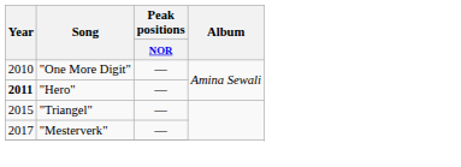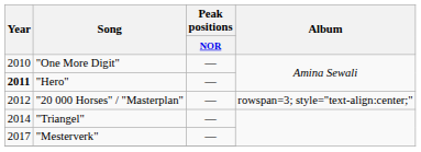 <table class="wikitable">
 <tr>
 <th rowspan="2">Year</th>
 <th rowspan="2">Song</th>
 <th colspan="1">Peak positions</th>
 <th rowspan="2">Album</th>
 </tr>
 <tr>
 <th width="35"><small><a href='#'>NOR</a></small><br></th>
 </tr>
 <tr>
 <td rowspan="1">2010</td>
 <td align="left">"One More Digit"</td>
 <td style="text-align:center;">—</td>
 <td rowspan=2; style="text-align:center;"><em>Amina Sewali</em></td>
 </tr>
 <tr>
 <td rowspan="1"><strong>2011</strong></td>
 <td align="left">"Hero"</td>
 <td style="text-align:center;">—</td>
 </tr>
 <tr>
-<td rowspan="1">2015</td>
+<td rowspan="1">2012</td>
+<td align="left">"20 000 Horses" / "Masterplan"</td>
+<td style="text-align:center;">—</td>
+<td>rowspan=3; style="text-align:center;" </td>
+</tr>
+<tr>
+<td rowspan="1">2014</td>
 <td align="left">"Triangel"</td>
 <td style="text-align:center;">—</td>
 </tr>
 <tr>
 <td rowspan="1">2017</td>
 <td align="left">"Mesterverk"</td>
 <td style="text-align:center;">—</td>
 </tr>
 <tr>
 </tr>
 </table>
